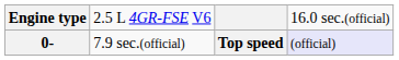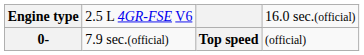 <table class="wikitable" border="1" style="font-size:95%;" style="width:%; text-align:">
 <tr>
 <th>Engine type</th>
 <td>2.5 L <em><a href='#'>4GR-FSE</a></em> <a href='#'>V6</a></td>
 <th></th>
 <td>16.0 sec.<small>(official)</small></td>
 </tr>
 <tr>
 <th>0-</th>
 <td>7.9 sec.<small>(official)</small></td>
 <th>Top speed</th>
-<td style="background: lavender;"> <small>(official)</small></td>
+<td> <small>(official)</small></td>
 </tr>
 </table>
